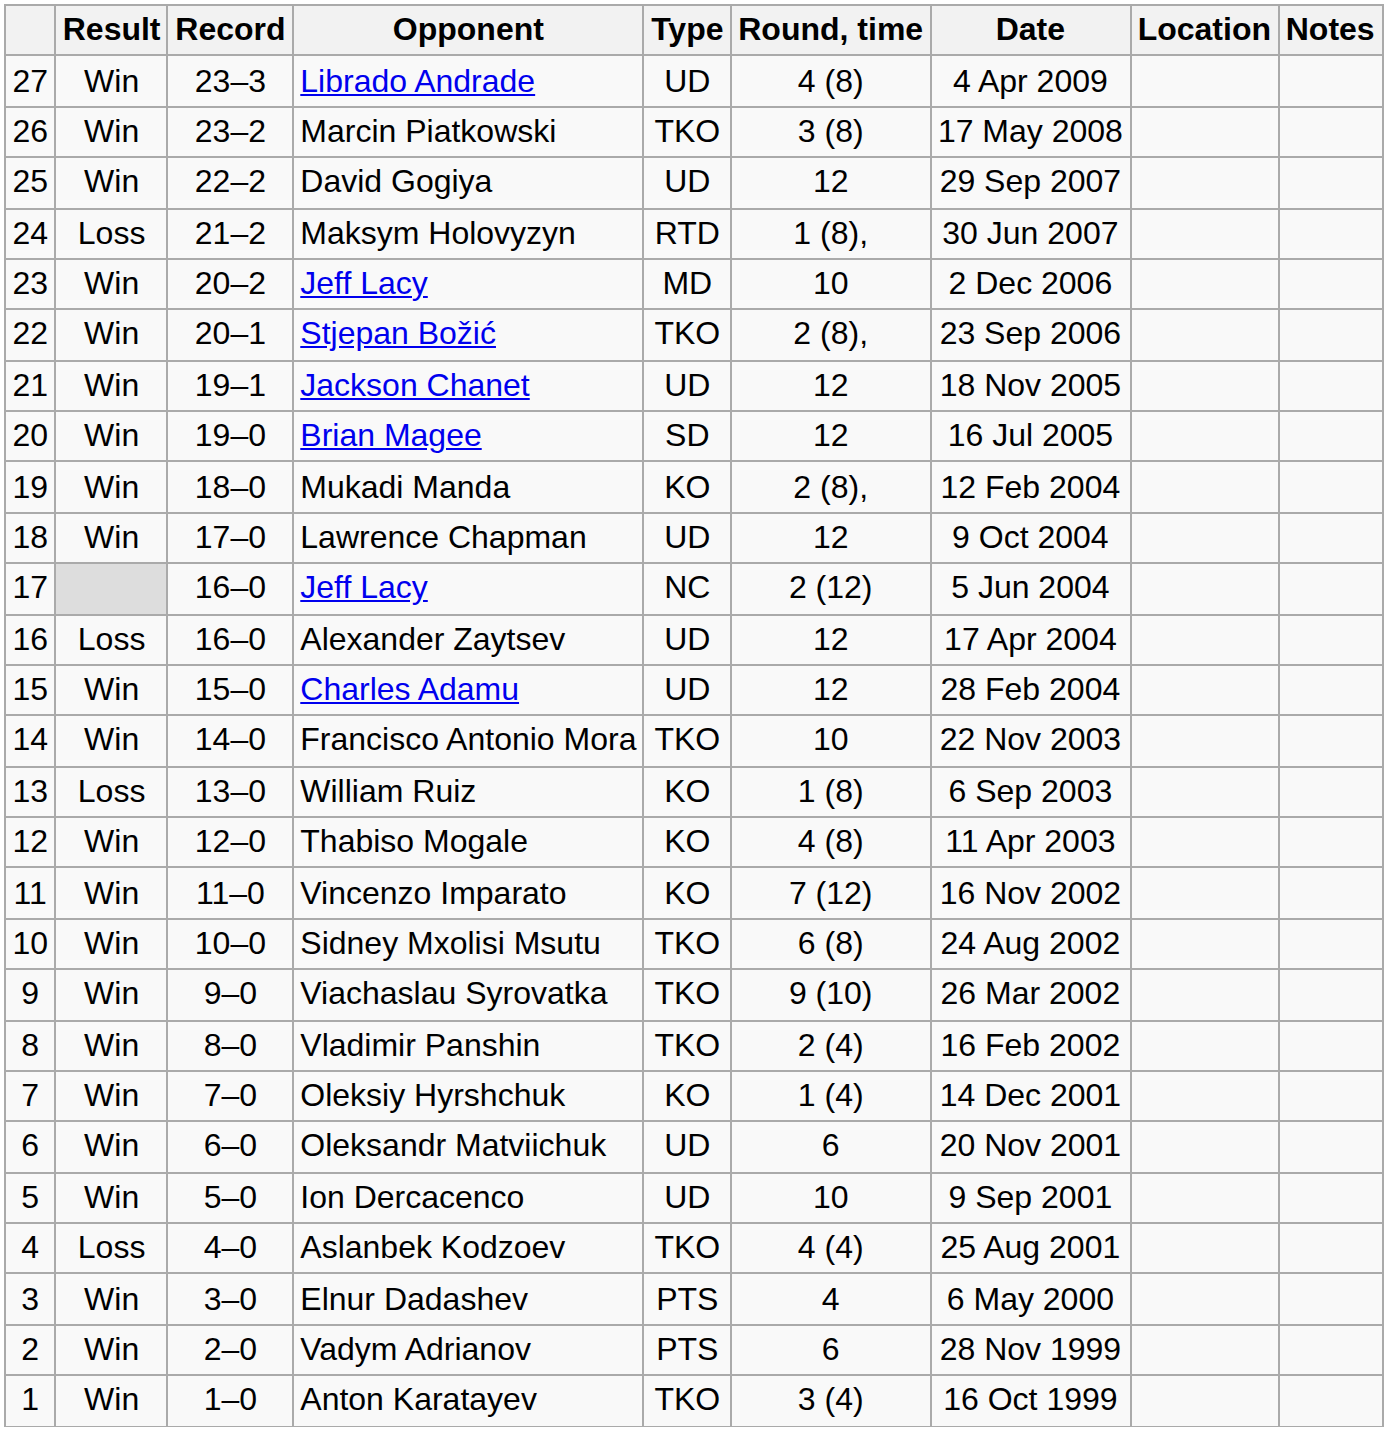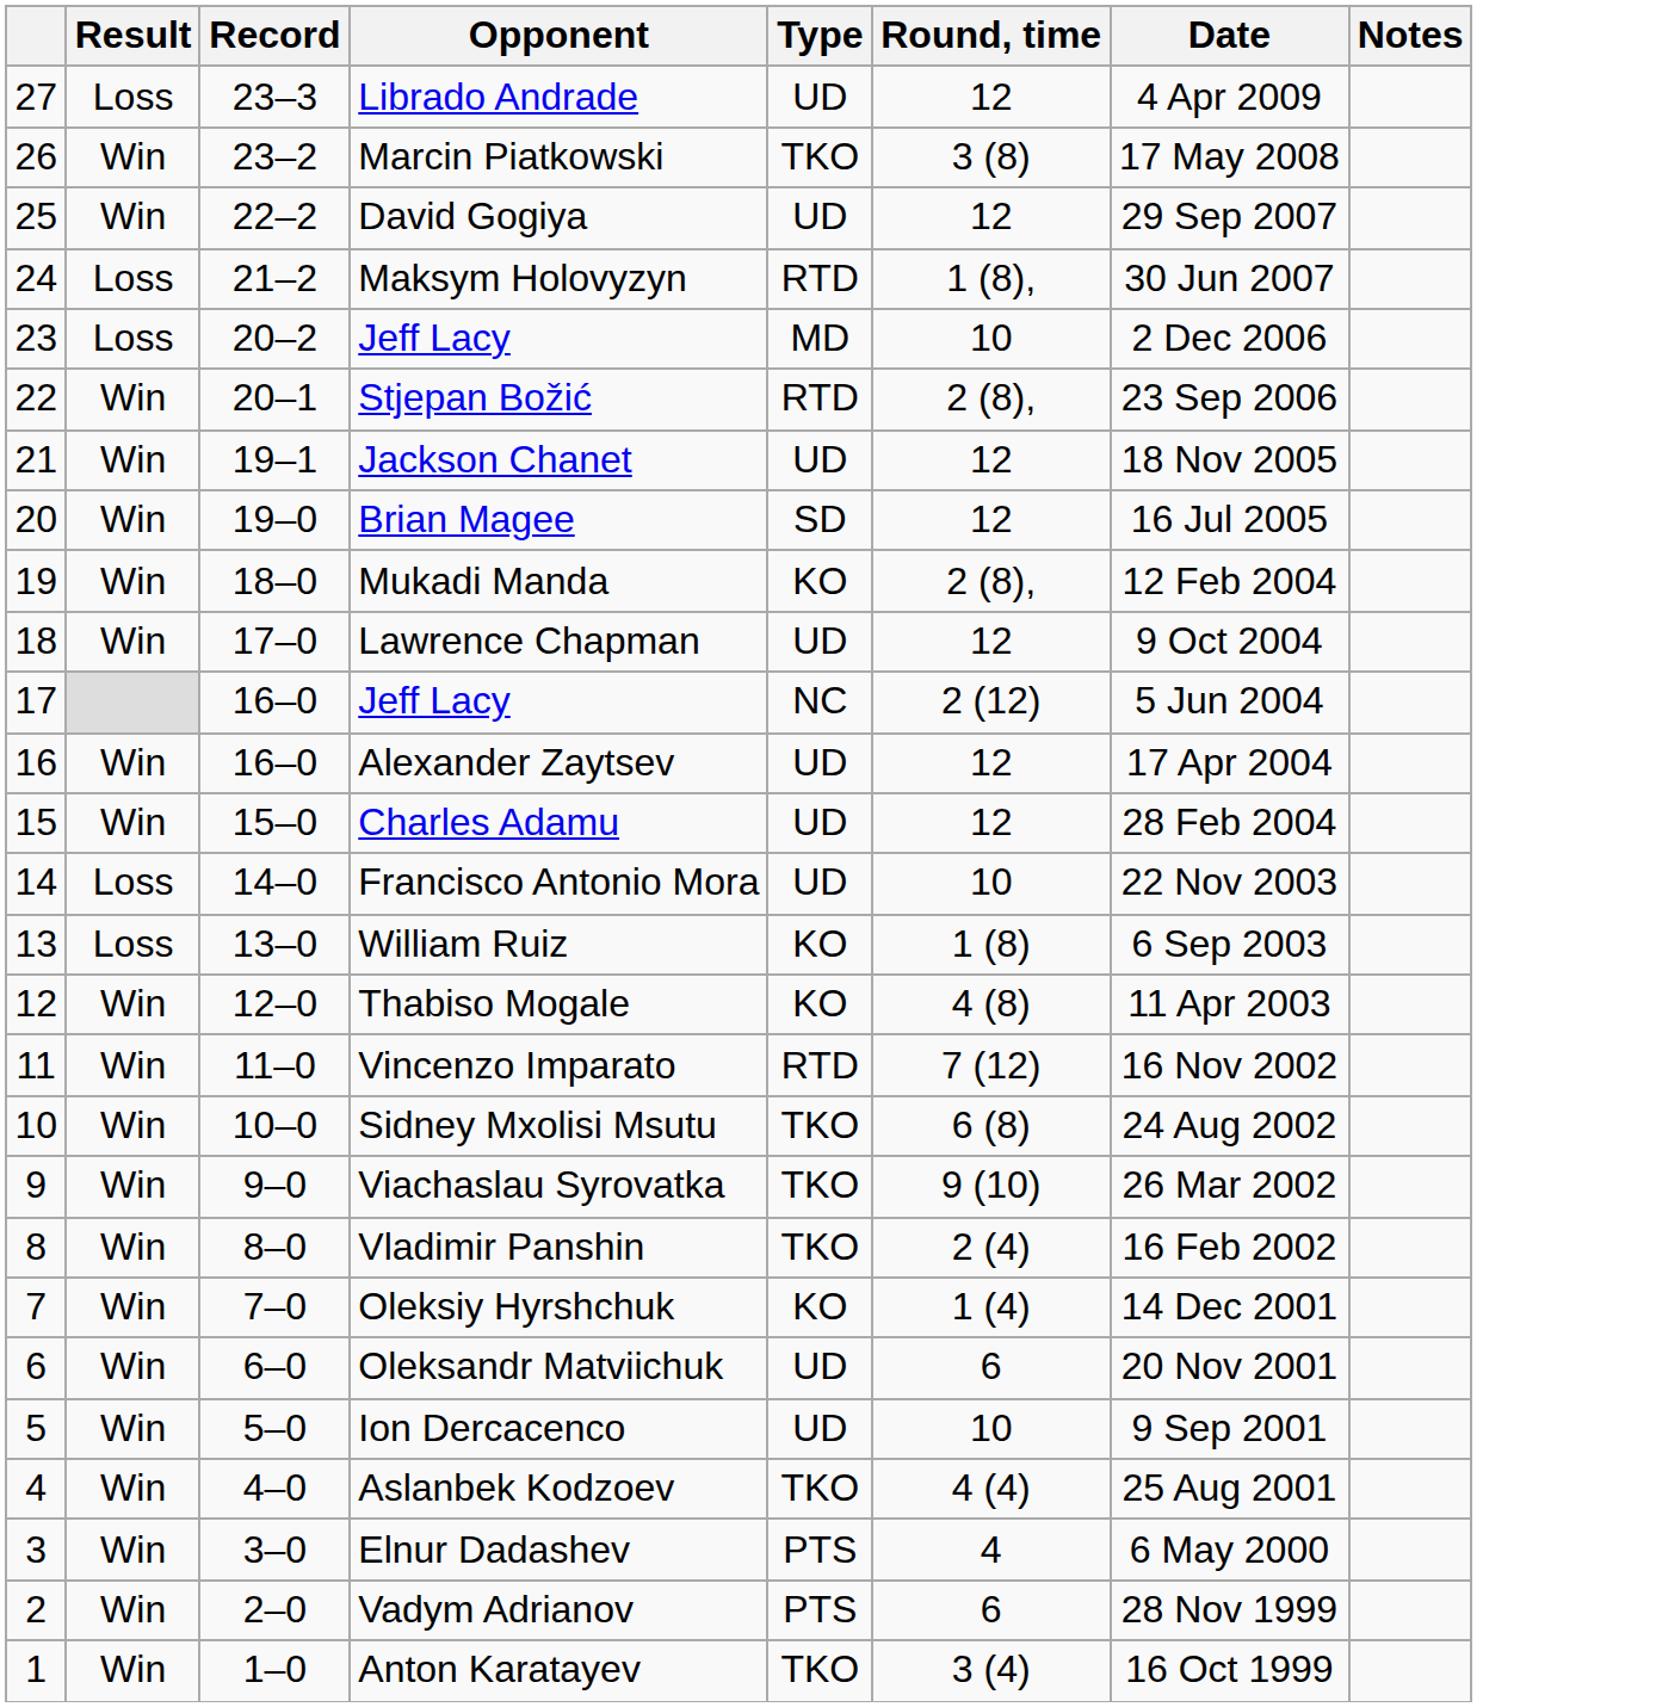 <table class="wikitable" style="text-align:center">
 <tr>
 <th></th>
 <th>Result</th>
 <th>Record</th>
 <th>Opponent</th>
 <th>Type</th>
 <th>Round, time</th>
 <th>Date</th>
-<th>Location</th>
 <th>Notes</th>
 </tr>
 <tr>
 <td>27</td>
-<td>Win</td>
+<td>Loss</td>
 <td>23–3 </td>
 <td style="text-align:left;"><a href='#'>Librado Andrade</a></td>
 <td>UD</td>
-<td>4 (8)</td>
+<td>12</td>
 <td>4 Apr 2009</td>
-<td style="text-align:left"></td>
 <td></td>
 </tr>
 <tr>
 <td>26</td>
 <td>Win</td>
 <td>23–2 </td>
 <td style="text-align:left;">Marcin Piatkowski</td>
 <td>TKO</td>
 <td>3 (8)</td>
 <td>17 May 2008</td>
-<td style="text-align:left"></td>
 <td></td>
 </tr>
 <tr>
 <td>25</td>
 <td>Win</td>
 <td>22–2 </td>
 <td style="text-align:left;">David Gogiya</td>
 <td>UD</td>
 <td>12</td>
 <td>29 Sep 2007</td>
-<td style="text-align:left"></td>
 <td></td>
 </tr>
 <tr>
 <td>24</td>
 <td>Loss</td>
 <td>21–2 </td>
 <td style="text-align:left;">Maksym Holovyzyn</td>
 <td>RTD</td>
 <td>1 (8), </td>
 <td>30 Jun 2007</td>
-<td style="text-align:left"></td>
 <td></td>
 </tr>
 <tr>
 <td>23</td>
-<td>Win</td>
+<td>Loss</td>
 <td>20–2 </td>
 <td style="text-align:left;"><a href='#'>Jeff Lacy</a></td>
 <td>MD</td>
 <td>10</td>
 <td>2 Dec 2006</td>
-<td style="text-align:left"></td>
 <td></td>
 </tr>
 <tr>
 <td>22</td>
 <td>Win</td>
 <td>20–1 </td>
 <td style="text-align:left;"><a href='#'>Stjepan Božić</a></td>
-<td>TKO</td>
+<td>RTD</td>
 <td>2 (8), </td>
 <td>23 Sep 2006</td>
-<td style="text-align:left"></td>
 <td></td>
 </tr>
 <tr>
 <td>21</td>
 <td>Win</td>
 <td>19–1 </td>
 <td style="text-align:left;"><a href='#'>Jackson Chanet</a></td>
 <td>UD</td>
 <td>12</td>
 <td>18 Nov 2005</td>
 <td style="text-align:left"></td>
-<td style="text-align:left"></td>
 </tr>
 <tr>
 <td>20</td>
 <td>Win</td>
 <td>19–0 </td>
 <td style="text-align:left;"><a href='#'>Brian Magee</a></td>
 <td>SD</td>
 <td>12</td>
 <td>16 Jul 2005</td>
 <td style="text-align:left"></td>
-<td style="text-align:left"></td>
 </tr>
 <tr>
 <td>19</td>
 <td>Win</td>
 <td>18–0 </td>
 <td style="text-align:left;">Mukadi Manda</td>
 <td>KO</td>
 <td>2 (8), </td>
 <td>12 Feb 2004</td>
-<td style="text-align:left"></td>
 <td></td>
 </tr>
 <tr>
 <td>18</td>
 <td>Win</td>
 <td>17–0 </td>
 <td style="text-align:left;">Lawrence Chapman</td>
 <td>UD</td>
 <td>12</td>
 <td>9 Oct 2004</td>
 <td style="text-align:left"></td>
-<td style="text-align:left"></td>
 </tr>
 <tr>
 <td>17</td>
 <td style="background: #DDD"></td>
 <td>16–0 </td>
 <td style="text-align:left;"><a href='#'>Jeff Lacy</a></td>
 <td>NC</td>
 <td>2 (12)</td>
 <td>5 Jun 2004</td>
 <td style="text-align:left"></td>
-<td style="text-align:left"></td>
 </tr>
 <tr>
 <td>16</td>
-<td>Loss</td>
+<td>Win</td>
 <td>16–0</td>
 <td style="text-align:left;">Alexander Zaytsev</td>
 <td>UD</td>
 <td>12</td>
 <td>17 Apr 2004</td>
-<td style="text-align:left"></td>
 <td style="text-align:left"></td>
 </tr>
 <tr>
 <td>15</td>
 <td>Win</td>
 <td>15–0</td>
 <td style="text-align:left;"><a href='#'>Charles Adamu</a></td>
 <td>UD</td>
 <td>12</td>
 <td>28 Feb 2004</td>
 <td style="text-align:left"></td>
-<td style="text-align:left"></td>
 </tr>
 <tr>
 <td>14</td>
-<td>Win</td>
+<td>Loss</td>
 <td>14–0</td>
 <td style="text-align:left;">Francisco Antonio Mora</td>
-<td>TKO</td>
+<td>UD</td>
 <td>10</td>
 <td>22 Nov 2003</td>
-<td style="text-align:left"></td>
 <td></td>
 </tr>
 <tr>
 <td>13</td>
 <td>Loss</td>
 <td>13–0</td>
 <td style="text-align:left;">William Ruiz</td>
 <td>KO</td>
 <td>1 (8)</td>
 <td>6 Sep 2003</td>
-<td style="text-align:left"></td>
 <td></td>
 </tr>
 <tr>
 <td>12</td>
 <td>Win</td>
 <td>12–0</td>
 <td style="text-align:left;">Thabiso Mogale</td>
 <td>KO</td>
 <td>4 (8)</td>
 <td>11 Apr 2003</td>
-<td style="text-align:left"></td>
 <td></td>
 </tr>
 <tr>
 <td>11</td>
 <td>Win</td>
 <td>11–0</td>
 <td style="text-align:left;">Vincenzo Imparato</td>
-<td>KO</td>
+<td>RTD</td>
 <td>7 (12)</td>
 <td>16 Nov 2002</td>
-<td style="text-align:left"></td>
 <td style="text-align:left"></td>
 </tr>
 <tr>
 <td>10</td>
 <td>Win</td>
 <td>10–0</td>
 <td style="text-align:left;">Sidney Mxolisi Msutu</td>
 <td>TKO</td>
 <td>6 (8)</td>
 <td>24 Aug 2002</td>
-<td style="text-align:left"></td>
 <td></td>
 </tr>
 <tr>
 <td>9</td>
 <td>Win</td>
 <td>9–0</td>
 <td style="text-align:left;">Viachaslau Syrovatka</td>
 <td>TKO</td>
 <td>9 (10)</td>
 <td>26 Mar 2002</td>
-<td style="text-align:left"></td>
 <td></td>
 </tr>
 <tr>
 <td>8</td>
 <td>Win</td>
 <td>8–0</td>
 <td style="text-align:left;">Vladimir Panshin</td>
 <td>TKO</td>
 <td>2 (4)</td>
 <td>16 Feb 2002</td>
-<td style="text-align:left"></td>
 <td></td>
 </tr>
 <tr>
 <td>7</td>
 <td>Win</td>
 <td>7–0</td>
 <td style="text-align:left;">Oleksiy Hyrshchuk</td>
 <td>KO</td>
 <td>1 (4)</td>
 <td>14 Dec 2001</td>
-<td style="text-align:left"></td>
 <td></td>
 </tr>
 <tr>
 <td>6</td>
 <td>Win</td>
 <td>6–0</td>
 <td style="text-align:left;">Oleksandr Matviichuk</td>
 <td>UD</td>
 <td>6</td>
 <td>20 Nov 2001</td>
-<td style="text-align:left"></td>
 <td></td>
 </tr>
 <tr>
 <td>5</td>
 <td>Win</td>
 <td>5–0</td>
 <td style="text-align:left;">Ion Dercacenco</td>
 <td>UD</td>
 <td>10</td>
 <td>9 Sep 2001</td>
 <td style="text-align:left"></td>
-<td style="text-align:left"></td>
 </tr>
 <tr>
 <td>4</td>
-<td>Loss</td>
+<td>Win</td>
 <td>4–0</td>
 <td style="text-align:left;">Aslanbek Kodzoev</td>
 <td>TKO</td>
 <td>4 (4)</td>
 <td>25 Aug 2001</td>
-<td style="text-align:left"></td>
 <td></td>
 </tr>
 <tr>
 <td>3</td>
 <td>Win</td>
 <td>3–0</td>
 <td style="text-align:left;">Elnur Dadashev</td>
 <td>PTS</td>
 <td>4</td>
 <td>6 May 2000</td>
-<td style="text-align:left"></td>
 <td></td>
 </tr>
 <tr>
 <td>2</td>
 <td>Win</td>
 <td>2–0</td>
 <td style="text-align:left;">Vadym Adrianov</td>
 <td>PTS</td>
 <td>6</td>
 <td>28 Nov 1999</td>
-<td style="text-align:left"></td>
 <td></td>
 </tr>
 <tr>
 <td>1</td>
 <td>Win</td>
 <td>1–0</td>
 <td style="text-align:left;">Anton Karatayev</td>
 <td>TKO</td>
 <td>3 (4)</td>
 <td>16 Oct 1999</td>
-<td style="text-align:left"></td>
 <td></td>
 </tr>
 </table>
